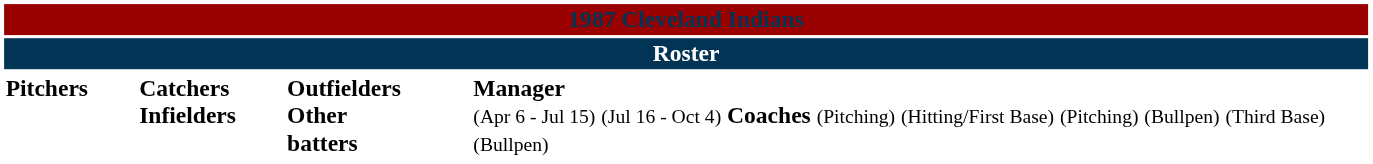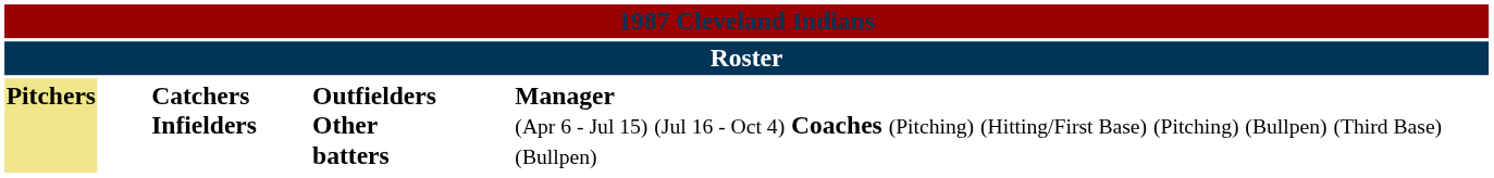 <table class="toccolours" style="font-size: 95%;">
 <tr>
 <th colspan="10" style="background-color: #990000; color: #023456; text-align: center;">1987 Cleveland Indians</th>
 </tr>
 <tr>
 <td colspan="10" style="background-color: #023456; color: #FFFFFF; text-align: center;"><strong>Roster</strong></td>
 </tr>
 <tr>
-<td valign="top"><strong>Pitchers</strong><br>                   </td>
+<td valign="top" style="background: khaki;"><strong>Pitchers</strong><br>                   </td>
 <td width="25px"></td>
 <td valign="top"><strong>Catchers</strong><br>    <strong>Infielders</strong>         </td>
 <td width="25px"></td>
 <td valign="top"><strong>Outfielders</strong><br>         <strong>Other batters</strong> </td>
 <td width="25px"></td>
 <td valign="top"><strong>Manager</strong><br> <small>(Apr 6 - Jul 15)</small>  <small>(Jul 16 - Oct 4)</small> <strong>Coaches</strong>  <small>(Pitching)</small>  <small>(Hitting/First Base)</small>  <small>(Pitching)</small>  <small>(Bullpen)</small>  <small>(Third Base)</small>  <small>(Bullpen)</small> </td>
 </tr>
 </table>
